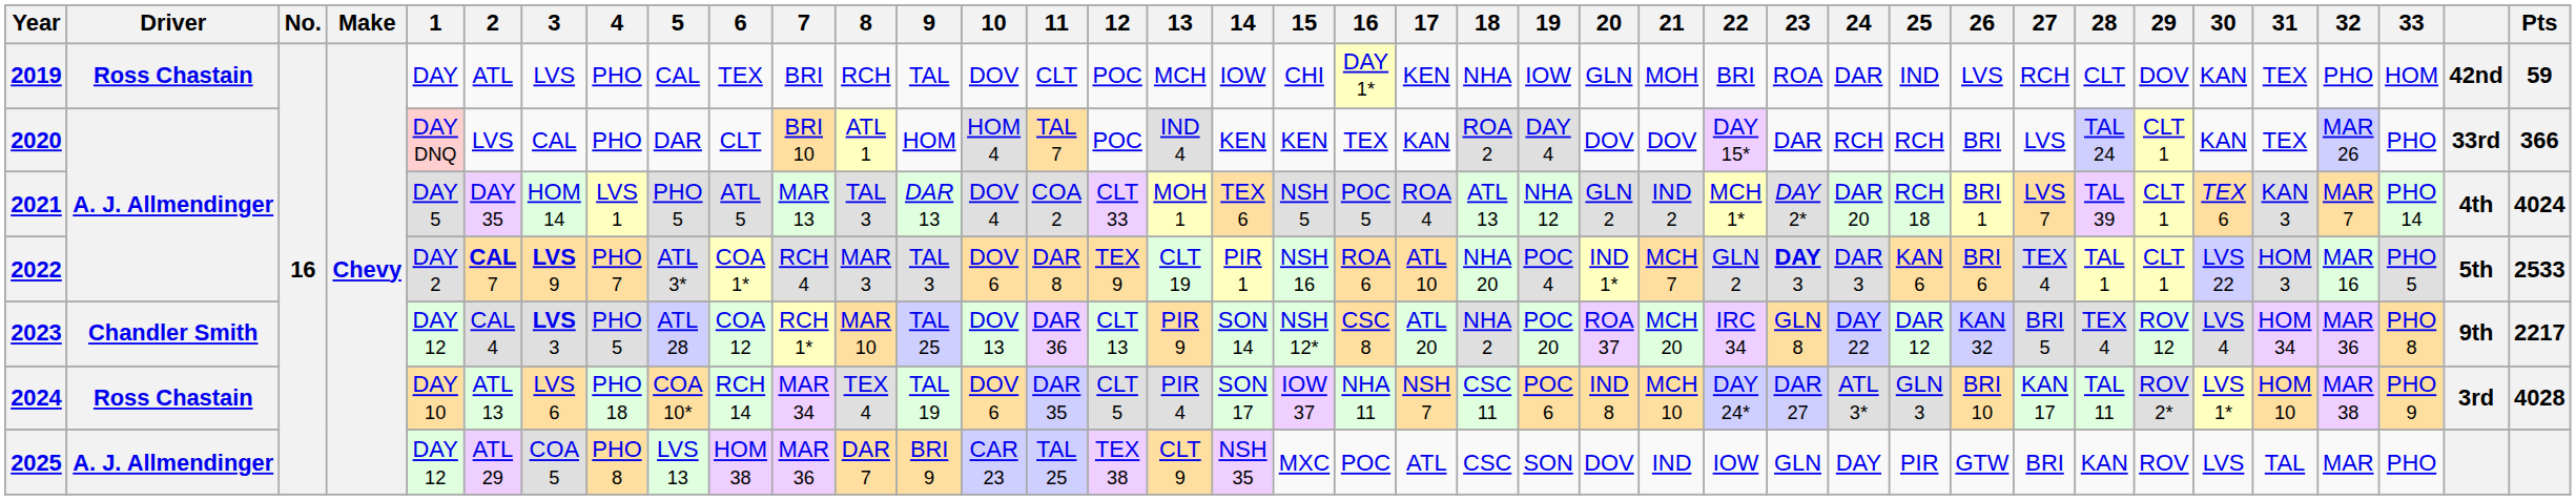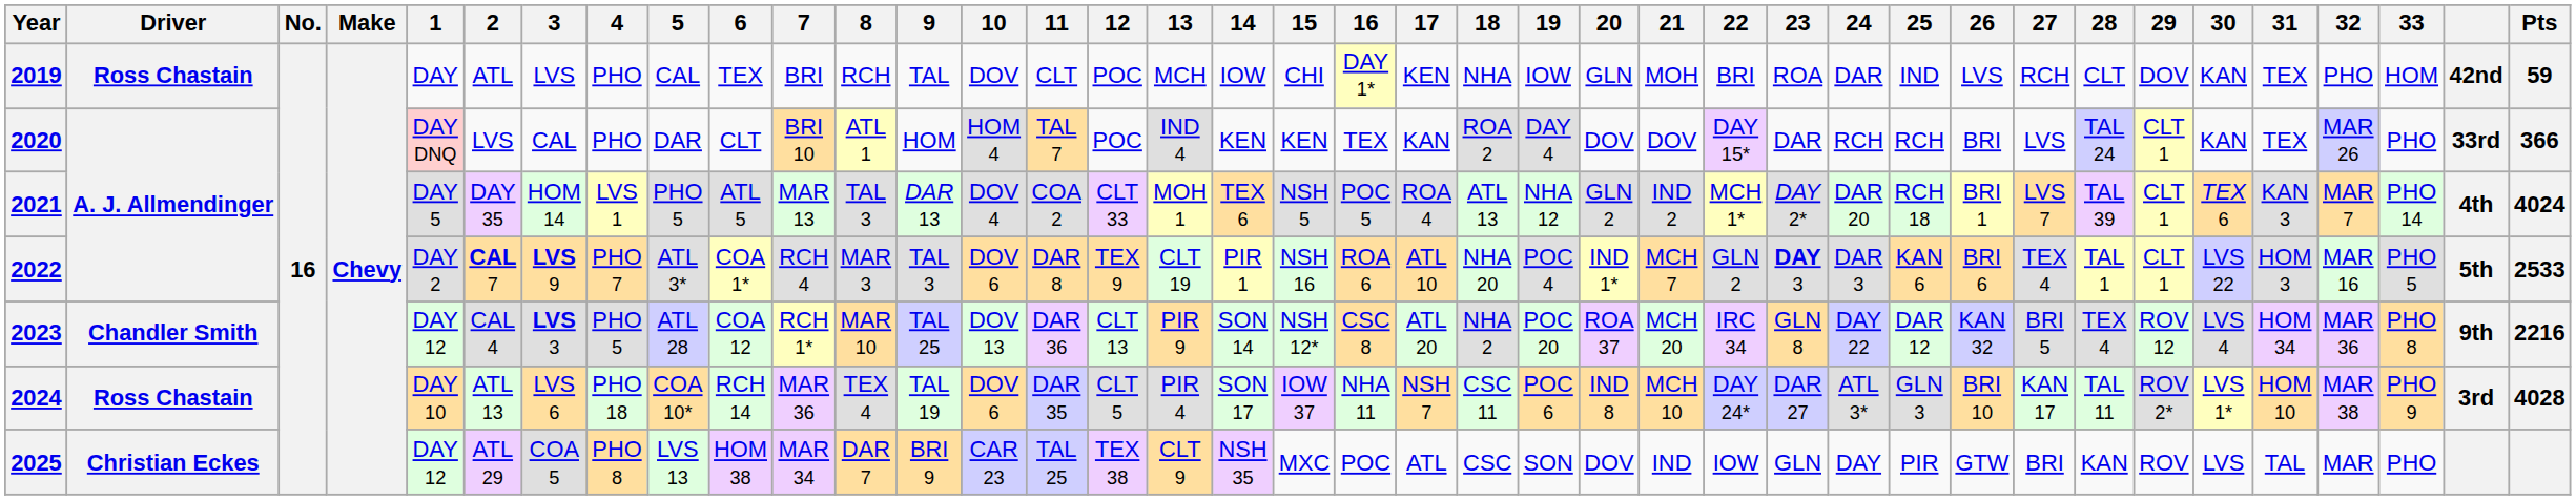 <table class="wikitable" style="text-align:center; font-size:75%">
 <tr>
 <th>Year</th>
 <th>Driver</th>
 <th>No.</th>
 <th>Make</th>
 <th>1</th>
 <th>2</th>
 <th>3</th>
 <th>4</th>
 <th>5</th>
 <th>6</th>
 <th>7</th>
 <th>8</th>
 <th>9</th>
 <th>10</th>
 <th>11</th>
 <th>12</th>
 <th>13</th>
 <th>14</th>
 <th>15</th>
 <th>16</th>
 <th>17</th>
 <th>18</th>
 <th>19</th>
 <th>20</th>
 <th>21</th>
 <th>22</th>
 <th>23</th>
 <th>24</th>
 <th>25</th>
 <th>26</th>
 <th>27</th>
 <th>28</th>
 <th>29</th>
 <th>30</th>
 <th>31</th>
 <th>32</th>
 <th>33</th>
 <th></th>
 <th>Pts</th>
 </tr>
 <tr>
 <th><a href='#'>2019</a></th>
 <th><a href='#'>Ross Chastain</a></th>
 <th rowspan="7">16</th>
 <th rowspan="7"><a href='#'>Chevy</a></th>
 <td><a href='#'>DAY</a></td>
 <td><a href='#'>ATL</a></td>
 <td><a href='#'>LVS</a></td>
 <td><a href='#'>PHO</a></td>
 <td><a href='#'>CAL</a></td>
 <td><a href='#'>TEX</a></td>
 <td><a href='#'>BRI</a></td>
 <td><a href='#'>RCH</a></td>
 <td><a href='#'>TAL</a></td>
 <td><a href='#'>DOV</a></td>
 <td><a href='#'>CLT</a></td>
 <td><a href='#'>POC</a></td>
 <td><a href='#'>MCH</a></td>
 <td><a href='#'>IOW</a></td>
 <td><a href='#'>CHI</a></td>
 <td style="background:#FFFFBF;"><a href='#'>DAY</a><br><small>1*</small></td>
 <td><a href='#'>KEN</a></td>
 <td><a href='#'>NHA</a></td>
 <td><a href='#'>IOW</a></td>
 <td><a href='#'>GLN</a></td>
 <td><a href='#'>MOH</a></td>
 <td><a href='#'>BRI</a></td>
 <td><a href='#'>ROA</a></td>
 <td><a href='#'>DAR</a></td>
 <td><a href='#'>IND</a></td>
 <td><a href='#'>LVS</a></td>
 <td><a href='#'>RCH</a></td>
 <td><a href='#'>CLT</a></td>
 <td><a href='#'>DOV</a></td>
 <td><a href='#'>KAN</a></td>
 <td><a href='#'>TEX</a></td>
 <td><a href='#'>PHO</a></td>
 <td><a href='#'>HOM</a></td>
 <th>42nd</th>
 <th>59</th>
 </tr>
 <tr>
 <th><a href='#'>2020</a></th>
 <th Rowspan=3><a href='#'>A. J. Allmendinger</a></th>
 <td style="background:#FFCFCF;"><a href='#'>DAY</a><br><small>DNQ</small></td>
 <td><a href='#'>LVS</a></td>
 <td><a href='#'>CAL</a></td>
 <td><a href='#'>PHO</a></td>
 <td><a href='#'>DAR</a></td>
 <td><a href='#'>CLT</a></td>
 <td style="background:#FFDF9F;"><a href='#'>BRI</a><br><small>10</small></td>
 <td style="background:#FFFFBF;"><a href='#'>ATL</a><br><small>1</small></td>
 <td><a href='#'>HOM</a></td>
 <td style="background:#DFDFDF;"><a href='#'>HOM</a><br><small>4</small></td>
 <td style="background:#FFDF9F;"><a href='#'>TAL</a><br><small>7</small></td>
 <td><a href='#'>POC</a></td>
 <td style="background:#DFDFDF;"><a href='#'>IND</a><br><small>4</small></td>
 <td><a href='#'>KEN</a></td>
 <td><a href='#'>KEN</a></td>
 <td><a href='#'>TEX</a></td>
 <td><a href='#'>KAN</a></td>
 <td style="background:#DFDFDF;"><a href='#'>ROA</a><br><small>2</small></td>
 <td style="background:#DFDFDF;"><a href='#'>DAY</a><br><small>4</small></td>
 <td><a href='#'>DOV</a></td>
 <td><a href='#'>DOV</a></td>
 <td style="background:#EFCFFF;"><a href='#'>DAY</a><br><small>15*</small></td>
 <td><a href='#'>DAR</a></td>
 <td><a href='#'>RCH</a></td>
 <td><a href='#'>RCH</a></td>
 <td><a href='#'>BRI</a></td>
 <td><a href='#'>LVS</a></td>
 <td style="background:#CFCFFF;"><a href='#'>TAL</a><br><small>24</small></td>
 <td style="background:#FFFFBF;"><a href='#'>CLT</a><br><small>1</small></td>
 <td><a href='#'>KAN</a></td>
 <td><a href='#'>TEX</a></td>
 <td style="background:#CFCFFF;"><a href='#'>MAR</a><br><small>26</small></td>
 <td><a href='#'>PHO</a></td>
 <th>33rd</th>
 <th>366</th>
 </tr>
 <tr>
 <th><a href='#'>2021</a></th>
 <td style="background:#DFDFDF;"><a href='#'>DAY</a><br><small>5</small></td>
 <td style="background:#EFCFFF;"><a href='#'>DAY</a><br><small>35</small></td>
 <td style="background:#DFFFDF;"><a href='#'>HOM</a><br><small>14</small></td>
 <td style="background:#FFFFBF;"><a href='#'>LVS</a><br><small>1</small></td>
 <td style="background:#DFDFDF;"><a href='#'>PHO</a><br><small>5</small></td>
 <td style="background:#DFDFDF;"><a href='#'>ATL</a><br><small>5</small></td>
 <td style="background:#DFFFDF;"><a href='#'>MAR</a><br><small>13</small></td>
 <td style="background:#DFDFDF;"><a href='#'>TAL</a><br><small>3</small></td>
 <td style="background:#DFFFDF;"><em><a href='#'>DAR</a></em><br><small>13</small></td>
 <td style="background:#DFDFDF;"><a href='#'>DOV</a><br><small>4</small></td>
 <td style="background:#DFDFDF;"><a href='#'>COA</a><br><small>2</small></td>
 <td style="background:#EFCFFF;"><a href='#'>CLT</a><br><small>33</small></td>
 <td style="background:#FFFFBF;"><a href='#'>MOH</a> <br><small>1</small></td>
 <td style="background:#FFDF9F;"><a href='#'>TEX</a><br><small>6</small></td>
 <td style="background:#DFDFDF;"><a href='#'>NSH</a><br><small>5</small></td>
 <td style="background:#DFDFDF;"><a href='#'>POC</a><br><small>5</small></td>
 <td style="background:#DFDFDF;"><a href='#'>ROA</a><br><small>4</small></td>
 <td style="background:#DFFFDF;"><a href='#'>ATL</a><br><small>13</small></td>
 <td style="background:#DFFFDF;"><a href='#'>NHA</a><br><small>12</small></td>
 <td style="background:#DFDFDF;"><a href='#'>GLN</a><br><small>2</small></td>
 <td style="background:#DFDFDF;"><a href='#'>IND</a><br><small>2</small></td>
 <td style="background:#FFFFBF"><a href='#'>MCH</a><br><small>1*</small></td>
 <td style="background:#DFDFDF;"><em><a href='#'>DAY</a></em><br><small>2*</small></td>
 <td style="background:#DFFFDF;"><a href='#'>DAR</a><br><small>20</small></td>
 <td style="background:#DFFFDF;"><a href='#'>RCH</a><br><small>18</small></td>
 <td style="background:#FFFFBF"><a href='#'>BRI</a><br><small>1</small></td>
 <td style="background:#FFDF9F"><a href='#'>LVS</a><br><small>7</small></td>
 <td style="background:#EFCFFF;"><a href='#'>TAL</a><br><small>39</small></td>
 <td style="background:#FFFFBF;"><a href='#'>CLT</a><br><small>1</small></td>
 <td style="background:#FFDF9F;"><em><a href='#'>TEX</a></em><br><small>6</small></td>
 <td style="background:#DFDFDF"><a href='#'>KAN</a><br><small>3</small></td>
 <td style="background:#FFDF9F;'"><a href='#'>MAR</a><br><small>7</small></td>
 <td style="background:#DFFFDF;"><a href='#'>PHO</a><br><small>14</small></td>
 <th>4th</th>
 <th>4024</th>
 </tr>
 <tr>
 <th><a href='#'>2022</a></th>
 <td style="background:#DFDFDF;"><a href='#'>DAY</a><br><small>2</small></td>
 <td style="background:#FFDF9F;"><strong><a href='#'>CAL</a></strong><br><small>7</small></td>
 <td style="background:#FFDF9F;"><strong><a href='#'>LVS</a></strong><br><small>9</small></td>
 <td style="background:#FFDF9F;"><a href='#'>PHO</a><br><small>7</small></td>
 <td style="background:#DFDFDF;"><a href='#'>ATL</a><br><small>3*</small></td>
 <td style="background:#FFFFBF;"><a href='#'>COA</a><br><small>1*</small></td>
 <td style="background:#DFDFDF;"><a href='#'>RCH</a><br><small>4</small></td>
 <td style="background:#DFDFDF;"><a href='#'>MAR</a><br><small>3</small></td>
 <td style="background:#DFDFDF;"><a href='#'>TAL</a><br><small>3</small></td>
 <td style="background:#FFDF9F;"><a href='#'>DOV</a><br><small>6</small></td>
 <td style="background:#FFDF9F;"><a href='#'>DAR</a><br><small>8</small></td>
 <td style="background:#FFDF9F;"><a href='#'>TEX</a><br><small>9</small></td>
 <td style="background:#DFFFDF;"><a href='#'>CLT</a><br><small>19</small></td>
 <td style="background:#FFFFBF;"><a href='#'>PIR</a><br><small>1</small></td>
 <td style="background:#DFFFDF;"><a href='#'>NSH</a><br><small>16</small></td>
 <td style="background:#FFDF9F;"><a href='#'>ROA</a><br><small>6</small></td>
 <td style="background:#FFDF9F;"><a href='#'>ATL</a><br><small>10</small></td>
 <td style="background:#DFFFDF;"><a href='#'>NHA</a><br><small>20</small></td>
 <td style="background:#DFDFDF;"><a href='#'>POC</a><br><small>4</small></td>
 <td style="background:#FFFFBF;"><a href='#'>IND</a><br><small>1*</small></td>
 <td style="background:#FFDF9F;"><a href='#'>MCH</a> <br><small>7</small></td>
 <td style="background:#DFDFDF;"><a href='#'>GLN</a> <br><small>2</small></td>
 <td style="background:#DFDFDF;"><a href='#'><strong>DAY</strong></a> <br><small>3</small></td>
 <td style="background:#DFDFDF;"><a href='#'>DAR</a><br><small>3</small></td>
 <td style="background:#FFDF9F;"><a href='#'>KAN</a><br><small>6</small></td>
 <td style="background:#FFDF9F;"><a href='#'>BRI</a><br><small>6</small></td>
 <td style="background:#DFDFDF;"><a href='#'>TEX</a><br><small>4</small></td>
 <td style="background:#FFFFBF;"><a href='#'>TAL</a><br><small>1</small></td>
 <td style="background:#FFFFBF;"><a href='#'>CLT</a><br><small>1</small></td>
 <td style="background:#CFCFFF;"><a href='#'>LVS</a><br><small>22</small></td>
 <td style="background:#DFDFDF;"><a href='#'>HOM</a><br><small>3</small></td>
 <td style="background:#DFFFDF;"><a href='#'>MAR</a><br><small>16</small></td>
 <td style="background:#DFDFDF;"><a href='#'>PHO</a><br><small>5</small></td>
 <th>5th</th>
 <th>2533</th>
 </tr>
 <tr>
 <th><a href='#'>2023</a></th>
 <th><a href='#'>Chandler Smith</a></th>
 <td style="background:#DFFFDF;"><a href='#'>DAY</a><br><small>12</small></td>
 <td style="background:#DFDFDF;"><a href='#'>CAL</a><br><small>4</small></td>
 <td style="background:#DFDFDF;"><a href='#'><strong>LVS</strong></a><br><small>3</small></td>
 <td style="background:#DFDFDF;"><a href='#'>PHO</a><br><small>5</small></td>
 <td style="background:#CFCFFF;"><a href='#'>ATL</a><br><small>28</small></td>
 <td style="background:#DFFFDF;"><a href='#'>COA</a><br><small>12</small></td>
 <td style="background:#FFFFBF;"><a href='#'>RCH</a><br><small>1*</small></td>
 <td style="background:#FFDF9F;"><a href='#'>MAR</a><br><small>10</small></td>
 <td style="background:#CFCFFF;"><a href='#'>TAL</a><br><small>25</small></td>
 <td style="background:#DFFFDF;"><a href='#'>DOV</a><br><small>13</small></td>
 <td style="background:#EFCFFF;"><a href='#'>DAR</a><br><small>36</small></td>
 <td style="background:#DFFFDF;"><a href='#'>CLT</a><br><small>13</small></td>
 <td style="background:#FFDF9F;"><a href='#'>PIR</a><br><small>9</small></td>
 <td style="background:#DFFFDF;"><a href='#'>SON</a><br><small>14</small></td>
 <td style="background:#DFFFDF;"><a href='#'>NSH</a><br><small>12*</small></td>
 <td style="background:#FFDF9F;"><a href='#'>CSC</a><br><small>8</small></td>
 <td style="background:#DFFFDF;"><a href='#'>ATL</a><br><small>20</small></td>
 <td style="background:#DFDFDF;"><a href='#'>NHA</a><br><small>2</small></td>
 <td style="background:#DFFFDF;"><a href='#'>POC</a><br><small>20</small></td>
 <td style="background:#EFCFFF;"><a href='#'>ROA</a><br><small>37</small></td>
 <td style="background:#DFFFDF;"><a href='#'>MCH</a><br><small>20</small></td>
 <td style="background:#EFCFFF;"><a href='#'>IRC</a><br><small>34</small></td>
 <td style="background:#FFDF9F;"><a href='#'>GLN</a><br><small>8</small></td>
 <td style="background:#CFCFFF;"><a href='#'>DAY</a><br><small>22</small></td>
 <td style="background:#DFFFDF;"><a href='#'>DAR</a><br><small>12</small></td>
 <td style="background:#CFCFFF;"><a href='#'>KAN</a><br><small>32</small></td>
 <td style="background:#DFDFDF;"><a href='#'>BRI</a><br><small>5</small></td>
 <td style="background:#DFDFDF;"><a href='#'>TEX</a><br><small>4</small></td>
 <td style="background:#DFFFDF;"><a href='#'>ROV</a><br><small>12</small></td>
 <td style="background:#DFDFDF;"><a href='#'>LVS</a><br><small>4</small></td>
 <td style="background:#EFCFFF;"><a href='#'>HOM</a><br><small>34</small></td>
 <td style="background:#EFCFFF;"><a href='#'>MAR</a><br><small>36</small></td>
 <td style="background:#FFDF9F;"><a href='#'>PHO</a><br><small>8</small></td>
 <th>9th</th>
-<th>2217</th>
+<th>2216</th>
 </tr>
 <tr>
 <th><a href='#'>2024</a></th>
 <th><a href='#'>Ross Chastain</a></th>
 <td style="background:#FFDF9F;"><a href='#'>DAY</a><br><small>10</small></td>
 <td style="background:#DFFFDF;"><a href='#'>ATL</a> <br><small>13</small></td>
 <td style="background:#FFDF9F;"><a href='#'>LVS</a><br><small>6</small></td>
 <td style="background:#DFFFDF;"><a href='#'>PHO</a><br><small>18</small></td>
 <td style="background:#FFDF9F;"><a href='#'>COA</a><br><small>10*</small></td>
 <td style="background:#DFFFDF;"><a href='#'>RCH</a><br><small>14</small></td>
-<td style="background:#EFCFFF;"><a href='#'>MAR</a><br><small>34</small></td>
+<td style="background:#EFCFFF;"><a href='#'>MAR</a><br><small>36</small></td>
 <td style="background:#DFDFDF;"><a href='#'>TEX</a><br><small>4</small></td>
 <td style="background:#DFFFDF;"><a href='#'>TAL</a><br><small>19</small></td>
 <td style="background:#FFDF9F;"><a href='#'>DOV</a><br><small>6</small></td>
 <td style="background:#CFCFFF;"><a href='#'>DAR</a><br><small>35</small></td>
 <td style="background:#DFDFDF;"><a href='#'>CLT</a><br><small>5</small></td>
 <td style="background:#DFDFDF;"><a href='#'>PIR</a><br><small>4</small></td>
 <td style="background:#DFFFDF;"><a href='#'>SON</a><br><small>17</small></td>
 <td style="background:#EFCFFF;"><a href='#'>IOW</a><br><small>37</small></td>
 <td style="background:#DFFFDF;"><a href='#'>NHA</a><br><small>11</small></td>
 <td style="background:#FFDF9F;"><a href='#'>NSH</a><br><small>7</small></td>
 <td style="background:#DFFFDF;"><a href='#'>CSC</a><br><small>11</small></td>
 <td style="background:#FFDF9F;"><a href='#'>POC</a><br><small>6</small></td>
 <td style="background:#FFDF9F;"><a href='#'>IND</a><br><small>8</small></td>
 <td style="background:#FFDF9F;"><a href='#'>MCH</a><br><small>10</small></td>
 <td style="background:#CFCFFF;"><a href='#'>DAY</a><br><small>24*</small></td>
 <td style="background:#CFCFFF;"><a href='#'>DAR</a><br><small>27</small></td>
 <td style="background:#DFDFDF;"><a href='#'>ATL</a><br><small>3*</small></td>
 <td style="background:#DFDFDF;"><a href='#'>GLN</a><br><small>3</small></td>
 <td style="background:#FFDF9F;"><a href='#'>BRI</a><br><small>10</small></td>
 <td style="background:#DFFFDF;"><a href='#'>KAN</a><br><small>17</small></td>
 <td style="background:#DFFFDF;"><a href='#'>TAL</a><br><small>11</small></td>
 <td style="background:#DFDFDF;"><a href='#'>ROV</a><br><small>2*</small></td>
 <td style="background:#FFFFBF;"><a href='#'>LVS</a><br><small>1*</small></td>
 <td style="background:#FFDF9F;"><a href='#'>HOM</a><br><small>10</small></td>
 <td style="background:#EFCFFF;"><a href='#'>MAR</a><br><small>38</small></td>
 <td style="background:#FFDF9F;"><a href='#'>PHO</a><br><small>9</small></td>
 <th>3rd</th>
 <th>4028</th>
 </tr>
 <tr>
 <th><a href='#'>2025</a></th>
-<th><a href='#'>A. J. Allmendinger</a></th>
+<th><a href='#'>Christian Eckes</a></th>
 <td style="background:#DFFFDF;"><a href='#'>DAY</a><br><small>12</small></td>
 <td style="background:#EFCFFF;"><a href='#'>ATL</a><br><small>29</small></td>
 <td style="background:#DFDFDF;"><a href='#'>COA</a><br><small>5</small></td>
 <td style="background:#FFDF9F;"><a href='#'>PHO</a><br><small>8</small></td>
 <td style="background:#DFFFDF;"><a href='#'>LVS</a><br><small>13</small></td>
 <td style="background:#EFCFFF;"><a href='#'>HOM</a><br><small>38</small></td>
-<td style="background:#EFCFFF;"><a href='#'>MAR</a><br><small>36</small></td>
+<td style="background:#EFCFFF;"><a href='#'>MAR</a><br><small>34</small></td>
 <td style="background:#FFDF9F;"><a href='#'>DAR</a><br><small>7</small></td>
 <td style="background:#FFDF9F;"><a href='#'>BRI</a><br><small>9</small></td>
 <td style="background:#CFCFFF;"><a href='#'>CAR</a><br><small>23</small></td>
 <td style="background:#CFCFFF;"><a href='#'>TAL</a><br><small>25</small></td>
 <td style="background:#EFCFFF;"><a href='#'>TEX</a><br><small>38</small></td>
 <td style="background:#FFDF9F;"><a href='#'>CLT</a><br><small>9</small></td>
 <td style="background:#EFCFFF;"><a href='#'>NSH</a><br><small>35</small></td>
 <td><a href='#'>MXC</a></td>
 <td><a href='#'>POC</a></td>
 <td><a href='#'>ATL</a></td>
 <td><a href='#'>CSC</a></td>
 <td><a href='#'>SON</a></td>
 <td><a href='#'>DOV</a></td>
 <td><a href='#'>IND</a></td>
 <td><a href='#'>IOW</a></td>
 <td><a href='#'>GLN</a></td>
 <td><a href='#'>DAY</a></td>
 <td><a href='#'>PIR</a></td>
 <td><a href='#'>GTW</a></td>
 <td><a href='#'>BRI</a></td>
 <td><a href='#'>KAN</a></td>
 <td><a href='#'>ROV</a></td>
 <td><a href='#'>LVS</a></td>
 <td><a href='#'>TAL</a></td>
 <td><a href='#'>MAR</a></td>
 <td><a href='#'>PHO</a></td>
 <th></th>
 <th></th>
 </tr>
 </table>
